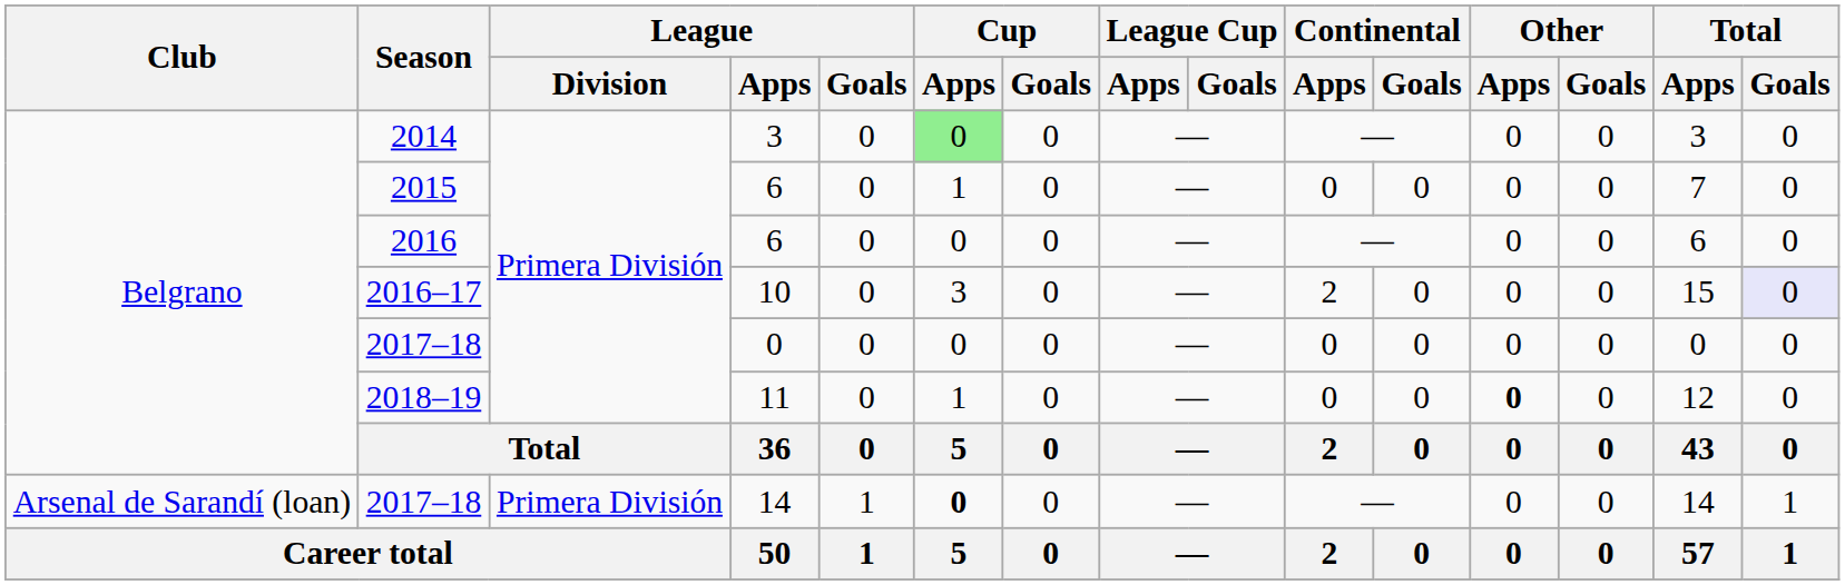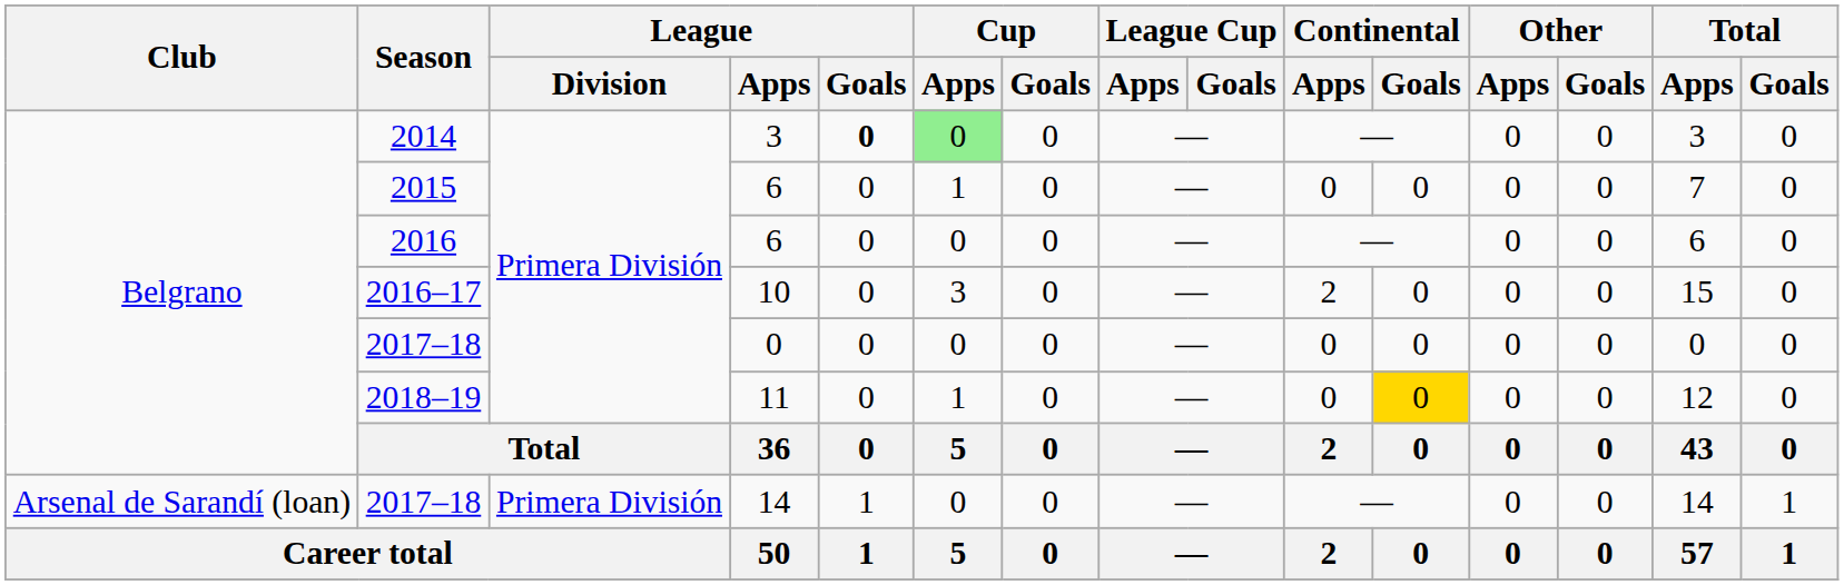 <table class="wikitable" style="text-align:center">
 <tr>
 <th rowspan="2">Club</th>
 <th rowspan="2">Season</th>
 <th colspan="3">League</th>
 <th colspan="2">Cup</th>
 <th colspan="2">League Cup</th>
 <th colspan="2">Continental</th>
 <th colspan="2">Other</th>
 <th colspan="2">Total</th>
 </tr>
 <tr>
 <th>Division</th>
 <th>Apps</th>
 <th>Goals</th>
 <th>Apps</th>
 <th>Goals</th>
 <th>Apps</th>
 <th>Goals</th>
 <th>Apps</th>
 <th>Goals</th>
 <th>Apps</th>
 <th>Goals</th>
 <th>Apps</th>
 <th>Goals</th>
 </tr>
 <tr>
 <td rowspan="7"><a href='#'>Belgrano</a></td>
 <td><a href='#'>2014</a></td>
 <td rowspan="6"><a href='#'>Primera División</a></td>
 <td>3</td>
-<td>0</td>
+<td><strong>0</strong></td>
 <td style="background: lightgreen;">0</td>
 <td>0</td>
 <td colspan="2">—</td>
 <td colspan="2">—</td>
 <td>0</td>
 <td>0</td>
 <td>3</td>
 <td>0</td>
 </tr>
 <tr>
 <td><a href='#'>2015</a></td>
 <td>6</td>
 <td>0</td>
 <td>1</td>
 <td>0</td>
 <td colspan="2">—</td>
 <td>0</td>
 <td>0</td>
 <td>0</td>
 <td>0</td>
 <td>7</td>
 <td>0</td>
 </tr>
 <tr>
 <td><a href='#'>2016</a></td>
 <td>6</td>
 <td>0</td>
 <td>0</td>
 <td>0</td>
 <td colspan="2">—</td>
 <td colspan="2">—</td>
 <td>0</td>
 <td>0</td>
 <td>6</td>
 <td>0</td>
 </tr>
 <tr>
 <td><a href='#'>2016–17</a></td>
 <td>10</td>
 <td>0</td>
 <td>3</td>
 <td>0</td>
 <td colspan="2">—</td>
 <td>2</td>
 <td>0</td>
 <td>0</td>
 <td>0</td>
 <td>15</td>
-<td style="background: lavender;">0</td>
+<td>0</td>
 </tr>
 <tr>
 <td><a href='#'>2017–18</a></td>
 <td>0</td>
 <td>0</td>
 <td>0</td>
 <td>0</td>
 <td colspan="2">—</td>
 <td>0</td>
 <td>0</td>
 <td>0</td>
 <td>0</td>
 <td>0</td>
 <td>0</td>
 </tr>
 <tr>
 <td><a href='#'>2018–19</a></td>
 <td>11</td>
 <td>0</td>
 <td>1</td>
 <td>0</td>
 <td colspan="2">—</td>
 <td>0</td>
+<td style="background: gold;">0</td>
 <td>0</td>
-<td><strong>0</strong></td>
 <td>0</td>
 <td>12</td>
 <td>0</td>
 </tr>
 <tr>
 <th colspan="2">Total</th>
 <th>36</th>
 <th>0</th>
 <th>5</th>
 <th>0</th>
 <th colspan="2">—</th>
 <th>2</th>
 <th>0</th>
 <th>0</th>
 <th>0</th>
 <th>43</th>
 <th>0</th>
 </tr>
 <tr>
 <td rowspan="1"><a href='#'>Arsenal de Sarandí</a> (loan)</td>
 <td><a href='#'>2017–18</a></td>
 <td rowspan="1"><a href='#'>Primera División</a></td>
 <td>14</td>
 <td>1</td>
-<td><strong>0</strong></td>
+<td>0</td>
 <td>0</td>
 <td colspan="2">—</td>
 <td colspan="2">—</td>
 <td>0</td>
 <td>0</td>
 <td>14</td>
 <td>1</td>
 </tr>
 <tr>
 <th colspan="3">Career total</th>
 <th>50</th>
 <th>1</th>
 <th>5</th>
 <th>0</th>
 <th colspan="2">—</th>
 <th>2</th>
 <th>0</th>
 <th>0</th>
 <th>0</th>
 <th>57</th>
 <th>1</th>
 </tr>
 </table>
